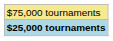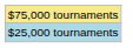 <table class="wikitable" style="font-size:85%;">
 <tr style="background:#f7e98e;">
 <td>$75,000 tournaments</td>
 </tr>
 <tr style="background:lightblue;">
-<td><strong>$25,000 tournaments</strong></td>
+<td>$25,000 tournaments</td>
 </tr>
 </table>
